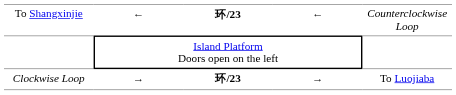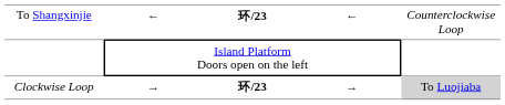 <table table border=0 cellspacing=0 cellpadding=4>
 <tr>
 <td style="border-top:solid 1px gray;" width=120 valign=top align=center>To  <a href='#'>Shangxinjie</a></td>
 <td style="border-top:solid 1px gray;" width=120 valign=top align=center>←</td>
 <th style="border-top:solid 1px gray;" width=120 valign=top align=center><span>环/23</span></th>
 <td style="border-top:solid 1px gray;" width=120 valign=top align=center>←</td>
 <td style="border-top:solid 1px gray;" width=120 valign=top align=center><em>Counterclockwise Loop</em></td>
 </tr>
 <tr>
 <td style="border-top:solid 1px gray;border-bottom:solid 1px gray;" width=120 valign=top align=center></td>
 <td style="border-top:solid 2px black;border-right:solid 2px black;border-left:solid 2px black;border-bottom:solid 2px black;" colspan=3 align=center><a href='#'>Island Platform</a><br>Doors open on the left</td>
 <td style="border-top:solid 1px gray;border-bottom:solid 1px gray;" width=120 valign=top align=center></td>
 <td></td>
 </tr>
 <tr>
 <td style="border-bottom:solid 1px gray;" valign=top align=center><em>Clockwise Loop</em></td>
 <td style="border-bottom:solid 1px gray;" width=120 valign=top align=center>→</td>
 <th style="border-bottom:solid 1px gray;" colspan=1 valign=top align=center><span>环/23</span></th>
 <td style="border-bottom:solid 1px gray;" width=120 valign=top align=center>→</td>
-<td style="border-bottom:solid 1px gray;"  valign=top align=center>To  <a href='#'>Luojiaba</a></td>
+<td style="background: lightgrey; border-bottom:solid 1px gray;"  valign=top align=center>To  <a href='#'>Luojiaba</a></td>
 </tr>
 </table>
